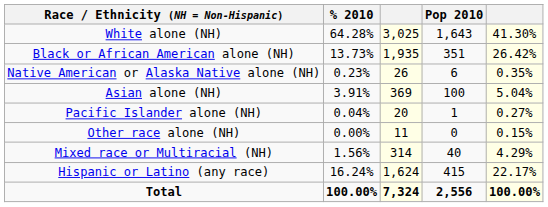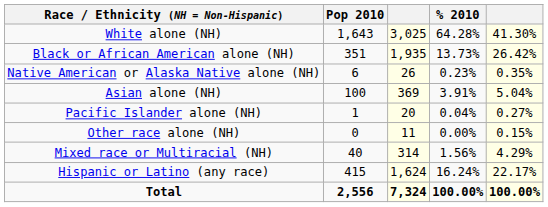 <table class="wikitable" style="text-align:center;">
 <tr>
 <th>Race / Ethnicity <small>(<em>NH = Non-Hispanic</em>)</small></th>
+<th>Pop 2010</th>
+<th></th>
 <th>% 2010</th>
-<th></th>
-<th>Pop 2010</th>
 <th></th>
 </tr>
 <tr>
 <td><a href='#'>White</a> alone (NH)</td>
+<td>1,643</td>
+<td style='background: #ffffe6;'>3,025</td>
 <td>64.28%</td>
-<td style='background: #ffffe6;'>3,025</td>
-<td>1,643</td>
 <td style='background: #ffffe6;'>41.30%</td>
 </tr>
 <tr>
 <td><a href='#'>Black or African American</a> alone (NH)</td>
+<td>351</td>
+<td style='background: #ffffe6;'>1,935</td>
 <td>13.73%</td>
-<td style='background: #ffffe6;'>1,935</td>
-<td>351</td>
 <td style='background: #ffffe6;'>26.42%</td>
 </tr>
 <tr>
 <td><a href='#'>Native American</a> or <a href='#'>Alaska Native</a> alone (NH)</td>
+<td>6</td>
+<td style='background: #ffffe6;'>26</td>
 <td>0.23%</td>
-<td style='background: #ffffe6;'>26</td>
-<td>6</td>
 <td style='background: #ffffe6;'>0.35%</td>
 </tr>
 <tr>
 <td><a href='#'>Asian</a> alone (NH)</td>
+<td>100</td>
+<td style='background: #ffffe6;'>369</td>
 <td>3.91%</td>
-<td style='background: #ffffe6;'>369</td>
-<td>100</td>
 <td style='background: #ffffe6;'>5.04%</td>
 </tr>
 <tr>
 <td><a href='#'>Pacific Islander</a> alone (NH)</td>
+<td>1</td>
+<td style='background: #ffffe6;'>20</td>
 <td>0.04%</td>
-<td style='background: #ffffe6;'>20</td>
-<td>1</td>
 <td style='background: #ffffe6;'>0.27%</td>
 </tr>
 <tr>
 <td><a href='#'>Other race</a> alone (NH)</td>
+<td>0</td>
+<td style='background: #ffffe6;'>11</td>
 <td>0.00%</td>
-<td style='background: #ffffe6;'>11</td>
-<td>0</td>
 <td style='background: #ffffe6;'>0.15%</td>
 </tr>
 <tr>
 <td><a href='#'>Mixed race or Multiracial</a> (NH)</td>
+<td>40</td>
+<td style='background: #ffffe6;'>314</td>
 <td>1.56%</td>
-<td style='background: #ffffe6;'>314</td>
-<td>40</td>
 <td style='background: #ffffe6;'>4.29%</td>
 </tr>
 <tr>
 <td><a href='#'>Hispanic or Latino</a> (any race)</td>
+<td>415</td>
+<td style='background: #ffffe6;'>1,624</td>
 <td>16.24%</td>
-<td style='background: #ffffe6;'>1,624</td>
-<td>415</td>
 <td style='background: #ffffe6;'>22.17%</td>
 </tr>
 <tr>
 <td><strong>Total</strong></td>
+<td><strong>2,556</strong></td>
+<td style='background: #ffffe6;'><strong>7,324</strong></td>
 <td><strong>100.00%</strong></td>
-<td style='background: #ffffe6;'><strong>7,324</strong></td>
-<td><strong>2,556</strong></td>
 <td style='background: #ffffe6;'><strong>100.00%</strong></td>
 </tr>
 </table>
